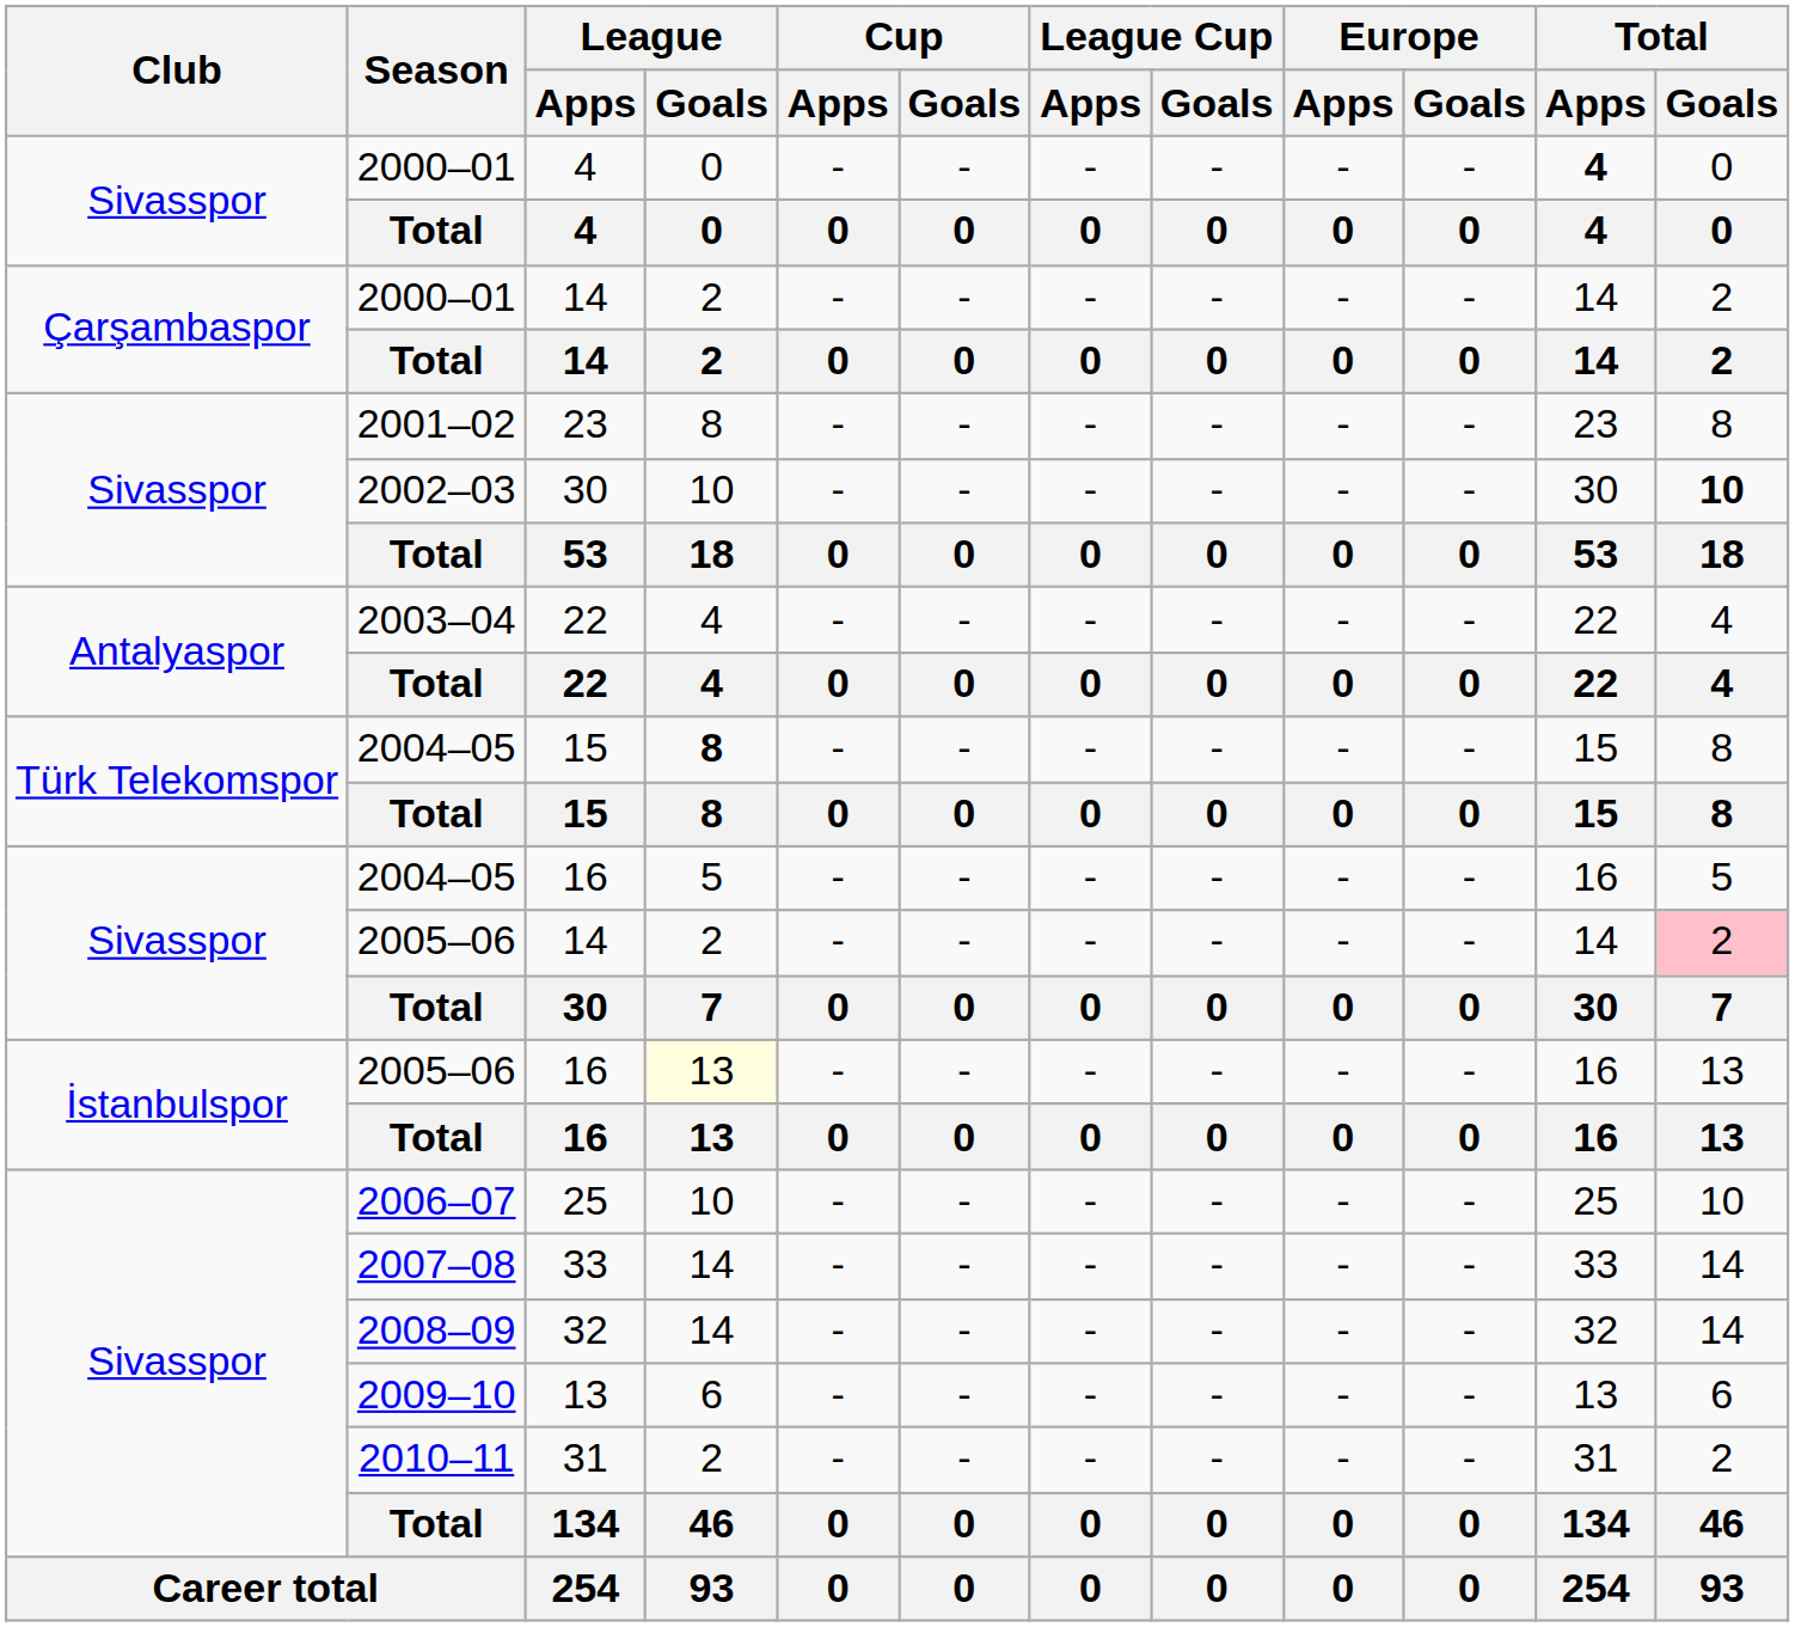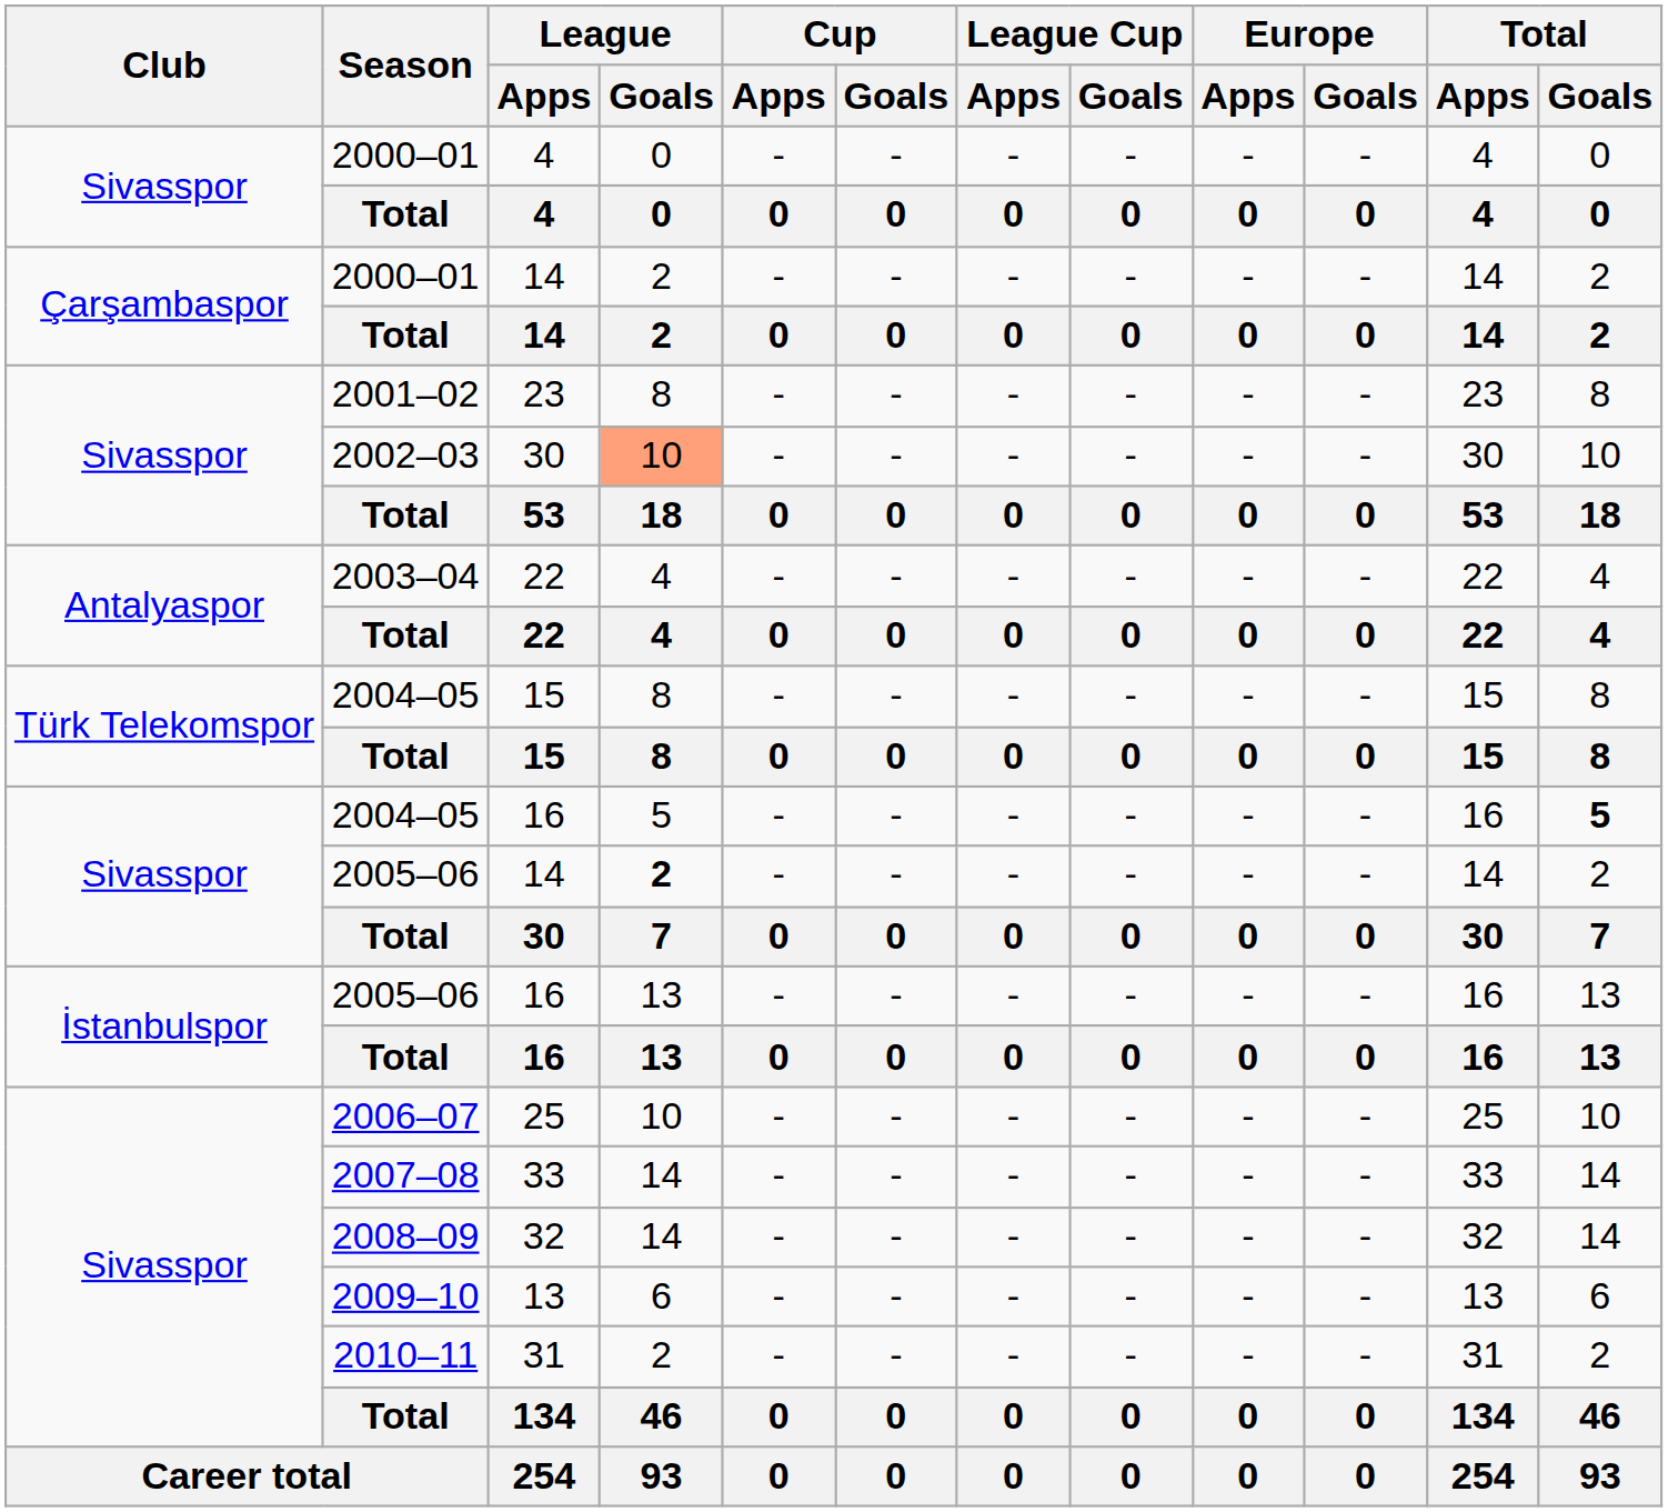 <table class="wikitable" style="text-align: center;">
 <tr>
 <th rowspan=2>Club</th>
 <th rowspan=2>Season</th>
 <th colspan=2>League</th>
 <th colspan=2>Cup</th>
 <th colspan=2>League Cup</th>
 <th colspan=2>Europe</th>
 <th colspan=2>Total</th>
 </tr>
 <tr>
 <th>Apps</th>
 <th>Goals</th>
 <th>Apps</th>
 <th>Goals</th>
 <th>Apps</th>
 <th>Goals</th>
 <th>Apps</th>
 <th>Goals</th>
 <th>Apps</th>
 <th>Goals</th>
 </tr>
 <tr>
 <td rowspan=2 valign="center"><a href='#'>Sivasspor</a></td>
 <td>2000–01</td>
 <td>4</td>
 <td>0</td>
 <td>-</td>
 <td>-</td>
 <td>-</td>
 <td>-</td>
 <td>-</td>
 <td>-</td>
-<td><strong>4</strong></td>
+<td>4</td>
 <td>0</td>
 </tr>
 <tr>
 <th>Total</th>
 <th>4</th>
 <th>0</th>
 <th>0</th>
 <th>0</th>
 <th>0</th>
 <th>0</th>
 <th>0</th>
 <th>0</th>
 <th>4</th>
 <th>0</th>
 </tr>
 <tr>
 <td rowspan=2 valign="center"><a href='#'>Çarşambaspor</a></td>
 <td>2000–01</td>
 <td>14</td>
 <td>2</td>
 <td>-</td>
 <td>-</td>
 <td>-</td>
 <td>-</td>
 <td>-</td>
 <td>-</td>
 <td>14</td>
 <td>2</td>
 </tr>
 <tr>
 <th>Total</th>
 <th>14</th>
 <th>2</th>
 <th>0</th>
 <th>0</th>
 <th>0</th>
 <th>0</th>
 <th>0</th>
 <th>0</th>
 <th>14</th>
 <th>2</th>
 </tr>
 <tr>
 <td rowspan=3 valign="center"><a href='#'>Sivasspor</a></td>
 <td>2001–02</td>
 <td>23</td>
 <td>8</td>
 <td>-</td>
 <td>-</td>
 <td>-</td>
 <td>-</td>
 <td>-</td>
 <td>-</td>
 <td>23</td>
 <td>8</td>
 </tr>
 <tr>
 <td>2002–03</td>
 <td>30</td>
-<td>10</td>
+<td style="background: lightsalmon;">10</td>
 <td>-</td>
 <td>-</td>
 <td>-</td>
 <td>-</td>
 <td>-</td>
 <td>-</td>
 <td>30</td>
-<td><strong>10</strong></td>
+<td>10</td>
 </tr>
 <tr>
 <th>Total</th>
 <th>53</th>
 <th>18</th>
 <th>0</th>
 <th>0</th>
 <th>0</th>
 <th>0</th>
 <th>0</th>
 <th>0</th>
 <th>53</th>
 <th>18</th>
 </tr>
 <tr>
 <td rowspan=2 valign="center"><a href='#'>Antalyaspor</a></td>
 <td>2003–04</td>
 <td>22</td>
 <td>4</td>
 <td>-</td>
 <td>-</td>
 <td>-</td>
 <td>-</td>
 <td>-</td>
 <td>-</td>
 <td>22</td>
 <td>4</td>
 </tr>
 <tr>
 <th>Total</th>
 <th>22</th>
 <th>4</th>
 <th>0</th>
 <th>0</th>
 <th>0</th>
 <th>0</th>
 <th>0</th>
 <th>0</th>
 <th>22</th>
 <th>4</th>
 </tr>
 <tr>
 <td rowspan=2 valign="center"><a href='#'>Türk Telekomspor</a></td>
 <td>2004–05</td>
 <td>15</td>
-<td><strong>8</strong></td>
+<td>8</td>
 <td>-</td>
 <td>-</td>
 <td>-</td>
 <td>-</td>
 <td>-</td>
 <td>-</td>
 <td>15</td>
 <td>8</td>
 </tr>
 <tr>
 <th>Total</th>
 <th>15</th>
 <th>8</th>
 <th>0</th>
 <th>0</th>
 <th>0</th>
 <th>0</th>
 <th>0</th>
 <th>0</th>
 <th>15</th>
 <th>8</th>
 </tr>
 <tr>
 <td rowspan=3 valign="center"><a href='#'>Sivasspor</a></td>
 <td>2004–05</td>
 <td>16</td>
 <td>5</td>
 <td>-</td>
 <td>-</td>
 <td>-</td>
 <td>-</td>
 <td>-</td>
 <td>-</td>
 <td>16</td>
-<td>5</td>
+<td><strong>5</strong></td>
 </tr>
 <tr>
 <td>2005–06</td>
 <td>14</td>
-<td>2</td>
+<td><strong>2</strong></td>
 <td>-</td>
 <td>-</td>
 <td>-</td>
 <td>-</td>
 <td>-</td>
 <td>-</td>
 <td>14</td>
-<td style="background: pink;">2</td>
+<td>2</td>
 </tr>
 <tr>
 <th>Total</th>
 <th>30</th>
 <th>7</th>
 <th>0</th>
 <th>0</th>
 <th>0</th>
 <th>0</th>
 <th>0</th>
 <th>0</th>
 <th>30</th>
 <th>7</th>
 </tr>
 <tr>
 <td rowspan=2 valign="center"><a href='#'>İstanbulspor</a></td>
 <td>2005–06</td>
 <td>16</td>
-<td style="background: lightyellow;">13</td>
+<td>13</td>
 <td>-</td>
 <td>-</td>
 <td>-</td>
 <td>-</td>
 <td>-</td>
 <td>-</td>
 <td>16</td>
 <td>13</td>
 </tr>
 <tr>
 <th>Total</th>
 <th>16</th>
 <th>13</th>
 <th>0</th>
 <th>0</th>
 <th>0</th>
 <th>0</th>
 <th>0</th>
 <th>0</th>
 <th>16</th>
 <th>13</th>
 </tr>
 <tr>
 <td rowspan=6 valign="center"><a href='#'>Sivasspor</a></td>
 <td><a href='#'>2006–07</a></td>
 <td>25</td>
 <td>10</td>
 <td>-</td>
 <td>-</td>
 <td>-</td>
 <td>-</td>
 <td>-</td>
 <td>-</td>
 <td>25</td>
 <td>10</td>
 </tr>
 <tr>
 <td><a href='#'>2007–08</a></td>
 <td>33</td>
 <td>14</td>
 <td>-</td>
 <td>-</td>
 <td>-</td>
 <td>-</td>
 <td>-</td>
 <td>-</td>
 <td>33</td>
 <td>14</td>
 </tr>
 <tr>
 <td><a href='#'>2008–09</a></td>
 <td>32</td>
 <td>14</td>
 <td>-</td>
 <td>-</td>
 <td>-</td>
 <td>-</td>
 <td>-</td>
 <td>-</td>
 <td>32</td>
 <td>14</td>
 </tr>
 <tr>
 <td><a href='#'>2009–10</a></td>
 <td>13</td>
 <td>6</td>
 <td>-</td>
 <td>-</td>
 <td>-</td>
 <td>-</td>
 <td>-</td>
 <td>-</td>
 <td>13</td>
 <td>6</td>
 </tr>
 <tr>
 <td><a href='#'>2010–11</a></td>
 <td>31</td>
 <td>2</td>
 <td>-</td>
 <td>-</td>
 <td>-</td>
 <td>-</td>
 <td>-</td>
 <td>-</td>
 <td>31</td>
 <td>2</td>
 </tr>
 <tr>
 <th>Total</th>
 <th>134</th>
 <th>46</th>
 <th>0</th>
 <th>0</th>
 <th>0</th>
 <th>0</th>
 <th>0</th>
 <th>0</th>
 <th>134</th>
 <th>46</th>
 </tr>
 <tr>
 <th colspan=2>Career total</th>
 <th>254</th>
 <th>93</th>
 <th>0</th>
 <th>0</th>
 <th>0</th>
 <th>0</th>
 <th>0</th>
 <th>0</th>
 <th>254</th>
 <th>93</th>
 </tr>
 </table>
